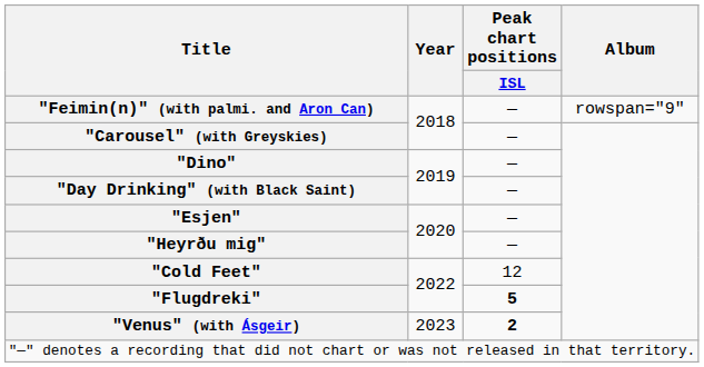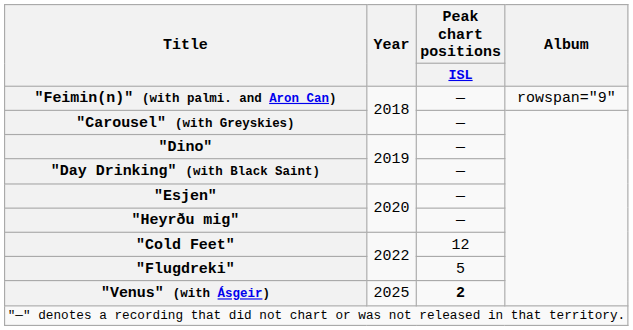 <table class="wikitable plainrowheaders" style="text-align:center">
 <tr>
 <th scope="col" rowspan="2">Title</th>
 <th scope="col" rowspan="2">Year</th>
 <th scope="col" colspan="1">Peak chart positions</th>
 <th scope="col" rowspan="2">Album</th>
 </tr>
 <tr>
 <th scope="col" style="width:3.5em;font-size:90%;"><a href='#'>ISL</a><br></th>
 </tr>
 <tr>
 <th scope="row">"Feimin(n)" <small>(with palmi. and <a href='#'>Aron Can</a>)</small></th>
 <td rowspan="2">2018</td>
 <td>—</td>
 <td>rowspan="9" </td>
 </tr>
 <tr>
 <th scope="row">"Carousel" <small>(with Greyskies)</small></th>
 <td>—</td>
 </tr>
 <tr>
 <th scope="row">"Dino"</th>
 <td rowspan="2">2019</td>
 <td>—</td>
 </tr>
 <tr>
 <th scope="row">"Day Drinking" <small>(with Black Saint)</small></th>
 <td>—</td>
 </tr>
 <tr>
 <th scope="row">"Esjen"</th>
 <td rowspan="2">2020</td>
 <td>—</td>
 </tr>
 <tr>
 <th scope="row">"Heyrðu mig"</th>
 <td>—</td>
 </tr>
 <tr>
 <th scope="row">"Cold Feet"</th>
 <td rowspan="2">2022</td>
 <td>12</td>
 </tr>
 <tr>
 <th scope="row">"Flugdreki"</th>
-<td><strong>5</strong></td>
+<td>5</td>
 </tr>
 <tr>
 <th scope="row">"Venus" <small>(with <a href='#'>Ásgeir</a>)</small></th>
-<td>2023</td>
+<td>2025</td>
 <td><strong>2</strong></td>
 </tr>
 <tr>
 <td colspan="4" style="font-size:85%">"—" denotes a recording that did not chart or was not released in that territory.</td>
 </tr>
 </table>
